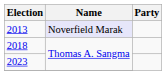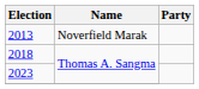 <table class="wikitable sortable">
 <tr>
 <th>Election</th>
 <th>Name</th>
 <th colspan=2>Party</th>
 </tr>
 <tr>
 <td><a href='#'>2013</a></td>
-<td style="background: lavender;">Noverfield Marak</td>
+<td>Noverfield Marak</td>
 <td></td>
 </tr>
 <tr>
 <td><a href='#'>2018</a></td>
 <td rowspan=2><a href='#'>Thomas A. Sangma</a></td>
 <td></td>
 </tr>
 <tr>
 <td><a href='#'>2023</a></td>
 </tr>
 <tr>
 </tr>
 </table>
